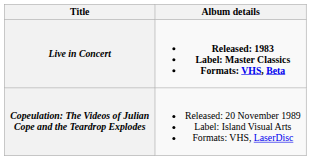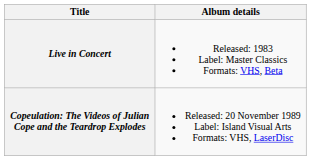 <table class="wikitable plainrowheaders" style="text-align:center;">
 <tr>
 <th scope="col" style="width:15em;">Title</th>
 <th scope="col" style="width:15em;">Album details</th>
 </tr>
 <tr>
 <th scope="row"><em>Live in Concert</em></th>
-<td><strong><br><ul><li>Released: 1983</li><li>Label: Master Classics</li><li>Formats: <a href='#'>VHS</a>, <a href='#'>Beta</a></li></ul></strong></td>
+<td><br><ul><li>Released: 1983</li><li>Label: Master Classics</li><li>Formats: <a href='#'>VHS</a>, <a href='#'>Beta</a></li></ul></td>
 </tr>
 <tr>
 <th scope="row"><em>Copeulation: The Videos of Julian Cope and the Teardrop Explodes</em></th>
 <td><br><ul><li>Released: 20 November 1989</li><li>Label: Island Visual Arts</li><li>Formats: VHS, <a href='#'>LaserDisc</a></li></ul></td>
 </tr>
 </table>
